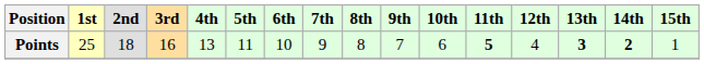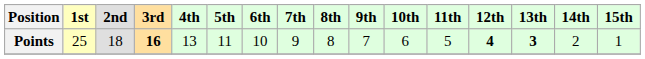 <table class="wikitable" style="font-size:85%; text-align:center">
 <tr>
 <th>Position</th>
 <td style="background:#ffffbf;"> <strong>1st</strong> </td>
 <td style="background:#dfdfdf;"> <strong>2nd</strong> </td>
 <td style="background:#ffdf9f;"> <strong>3rd</strong> </td>
 <td style="background:#dfffdf;"> <strong>4th</strong> </td>
 <td style="background:#dfffdf;"> <strong>5th</strong> </td>
 <td style="background:#dfffdf;"> <strong>6th</strong> </td>
 <td style="background:#dfffdf;"> <strong>7th</strong> </td>
 <td style="background:#dfffdf;"> <strong>8th</strong> </td>
 <td style="background:#dfffdf;"> <strong>9th</strong> </td>
 <td style="background:#dfffdf;"> <strong>10th</strong> </td>
 <td style="background:#dfffdf;"> <strong>11th</strong> </td>
 <td style="background:#dfffdf;"> <strong>12th</strong> </td>
 <td style="background:#dfffdf;"> <strong>13th</strong> </td>
 <td style="background:#dfffdf;"> <strong>14th</strong> </td>
 <td style="background:#dfffdf;"> <strong>15th</strong> </td>
 </tr>
 <tr>
 <th>Points</th>
 <td style="background:#ffffbf;">25</td>
 <td style="background:#dfdfdf;">18</td>
-<td style="background:#ffdf9f;">16</td>
+<td style="background:#ffdf9f;"><strong>16</strong></td>
 <td style="background:#dfffdf;">13</td>
 <td style="background:#dfffdf;">11</td>
 <td style="background:#dfffdf;">10</td>
 <td style="background:#dfffdf;">9</td>
 <td style="background:#dfffdf;">8</td>
 <td style="background:#dfffdf;">7</td>
 <td style="background:#dfffdf;">6</td>
-<td style="background:#dfffdf;"><strong>5</strong></td>
-<td style="background:#dfffdf;">4</td>
+<td style="background:#dfffdf;">5</td>
+<td style="background:#dfffdf;"><strong>4</strong></td>
 <td style="background:#dfffdf;"><strong>3</strong></td>
-<td style="background:#dfffdf;"><strong>2</strong></td>
+<td style="background:#dfffdf;">2</td>
 <td style="background:#dfffdf;">1</td>
 </tr>
 <tr>
 </tr>
 </table>
